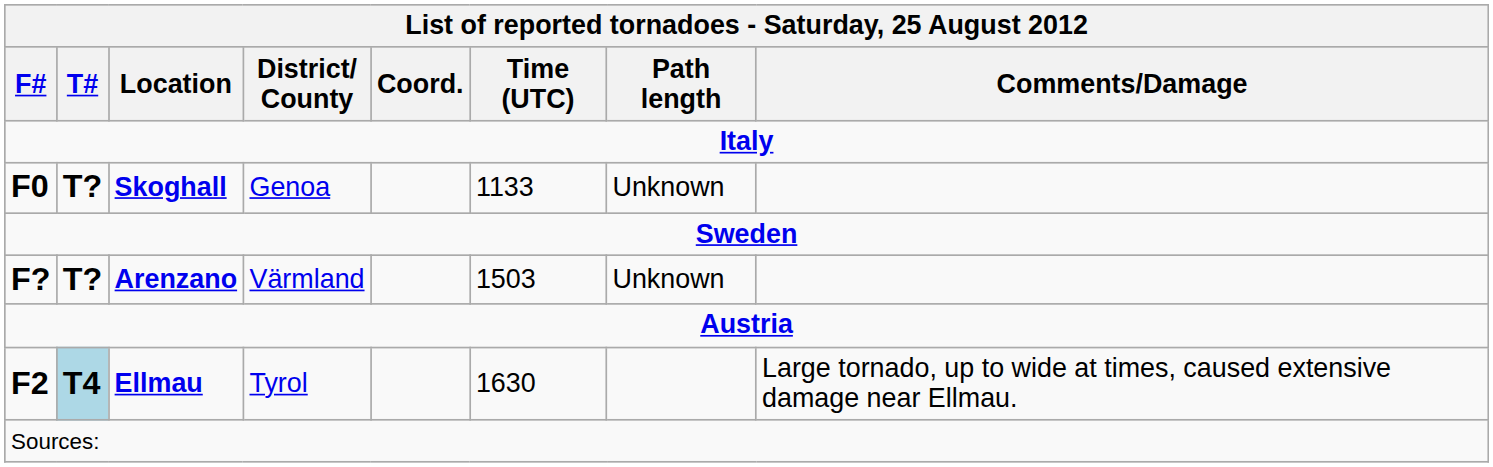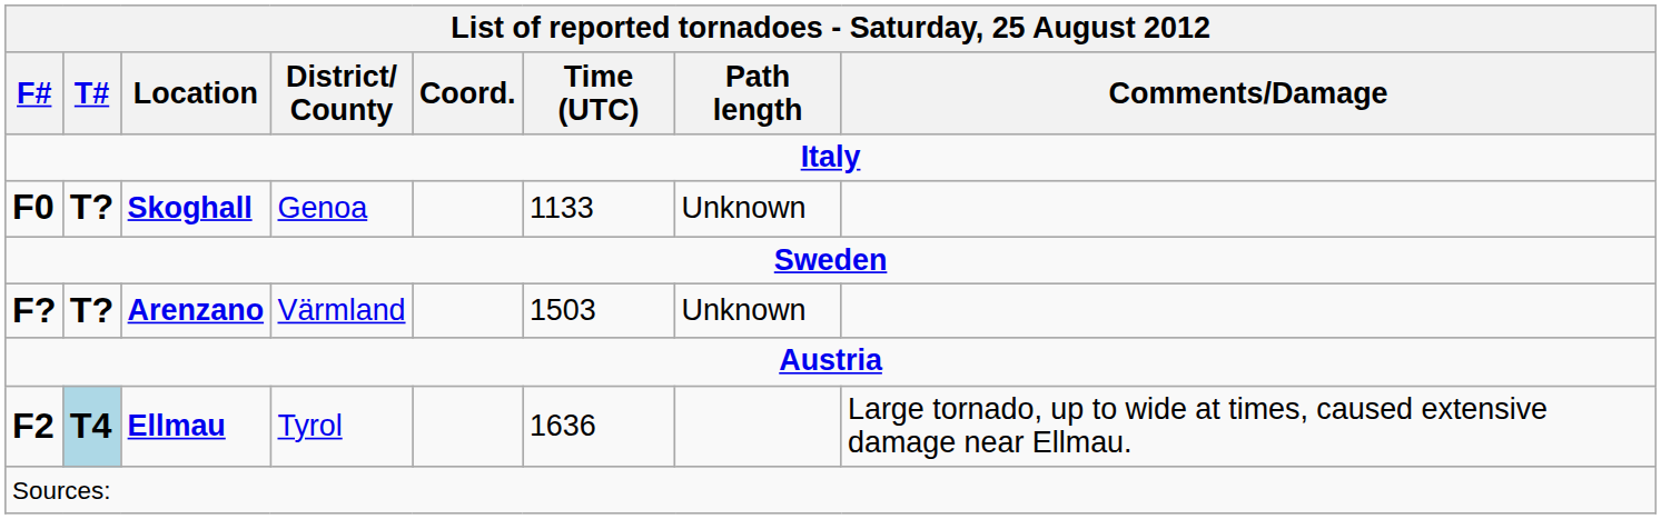 <table class="wikitable collapsible" width="100%">
 <tr>
 <th colspan="8">List of reported tornadoes - Saturday, 25 August 2012</th>
 </tr>
 <tr>
 <th><a href='#'>F#</a></th>
 <th><a href='#'>T#</a></th>
 <th>Location</th>
 <th>District/<br>County</th>
 <th>Coord.</th>
 <th>Time (UTC)</th>
 <th>Path length</th>
 <th>Comments/Damage</th>
 </tr>
 <tr>
 <td colspan="8" align=center><strong><a href='#'>Italy</a></strong></td>
 </tr>
 <tr>
 <td><big><strong>F0</strong></big></td>
 <td><big><strong>T?</strong></big></td>
 <td><strong><a href='#'>Skoghall</a></strong></td>
 <td><a href='#'>Genoa</a></td>
 <td></td>
 <td>1133</td>
 <td>Unknown</td>
 <td></td>
 </tr>
 <tr>
 <td colspan="8" align=center><strong><a href='#'>Sweden</a></strong></td>
 </tr>
 <tr>
 <td><big><strong>F?</strong></big></td>
 <td><big><strong>T?</strong></big></td>
 <td><strong><a href='#'>Arenzano</a></strong></td>
 <td><a href='#'>Värmland</a></td>
 <td></td>
 <td>1503</td>
 <td>Unknown</td>
 <td></td>
 </tr>
 <tr>
 <td colspan="8" align=center><strong><a href='#'>Austria</a></strong></td>
 </tr>
 <tr>
 <td><big><strong>F2</strong></big></td>
 <td style="background: lightblue;"><big><strong>T4</strong></big></td>
 <td><strong><a href='#'>Ellmau</a></strong></td>
 <td><a href='#'>Tyrol</a></td>
 <td></td>
-<td>1630</td>
+<td>1636</td>
 <td></td>
 <td>Large tornado, up to  wide at times, caused extensive damage near Ellmau.</td>
 </tr>
 <tr>
 <td colspan="8"><small>Sources:  </small></td>
 </tr>
 </table>
